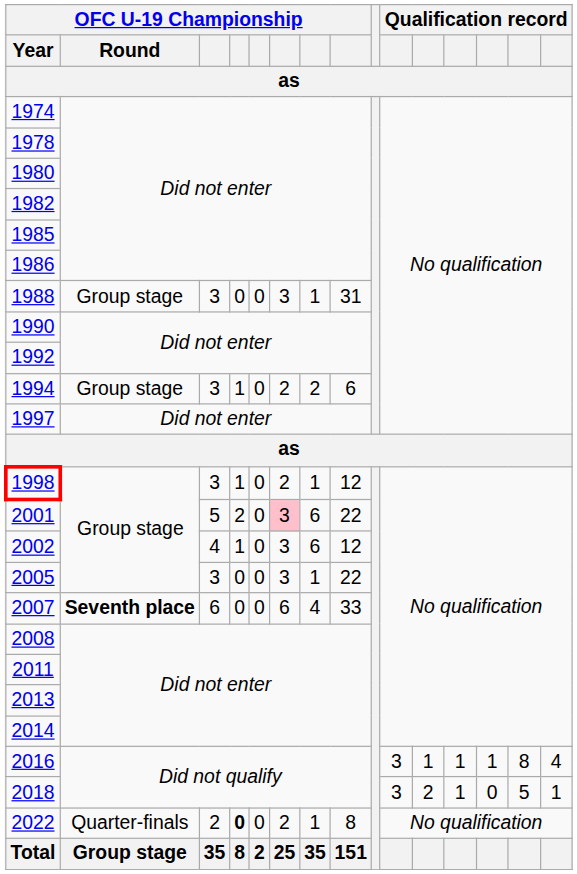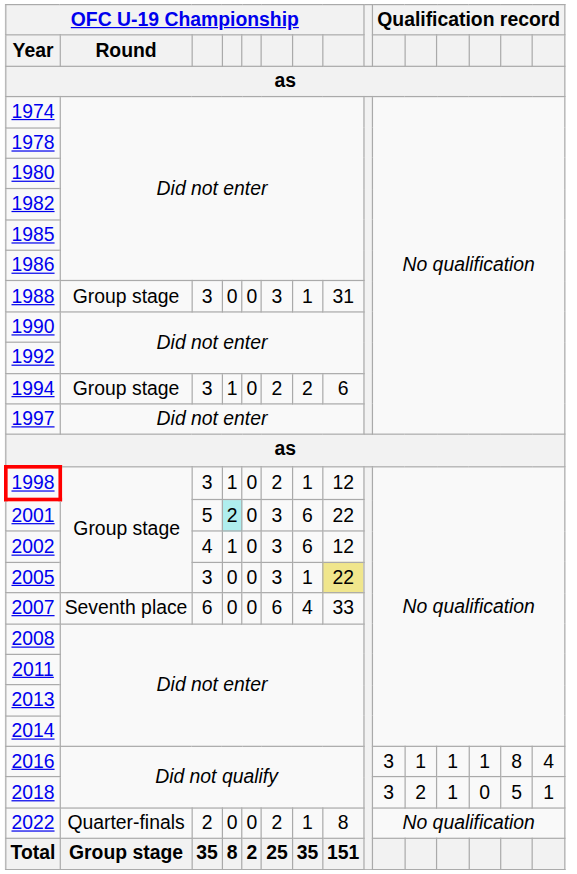 <table class="wikitable" style="text-align:center;">
 <tr>
 <th colspan=8><a href='#'>OFC U-19 Championship</a></th>
 <th rowspan=2></th>
 <th colspan=6>Qualification record</th>
 </tr>
 <tr>
 <th>Year</th>
 <th>Round</th>
 <th></th>
 <th></th>
 <th></th>
 <th></th>
 <th></th>
 <th></th>
 <th></th>
 <th></th>
 <th></th>
 <th></th>
 <th></th>
 <th></th>
 </tr>
 <tr>
 <th colspan=16>as </th>
 </tr>
 <tr>
 <td> <a href='#'>1974</a></td>
 <td colspan=7 rowspan=6><em>Did not enter</em></td>
 <th rowspan=11></th>
 <td colspan=6 rowspan=11><em>No qualification</em></td>
 </tr>
 <tr>
 <td> <a href='#'>1978</a></td>
 </tr>
 <tr>
 <td> <a href='#'>1980</a></td>
 </tr>
 <tr>
 <td> <a href='#'>1982</a></td>
 </tr>
 <tr>
 <td> <a href='#'>1985</a></td>
 </tr>
 <tr>
 <td> <a href='#'>1986</a></td>
 </tr>
 <tr>
 <td> <a href='#'>1988</a></td>
 <td>Group stage</td>
 <td>3</td>
 <td>0</td>
 <td>0</td>
 <td>3</td>
 <td>1</td>
 <td>31</td>
 </tr>
 <tr bgcolor=>
 <td> <a href='#'>1990</a></td>
 <td colspan=7 rowspan=2><em>Did not enter</em></td>
 </tr>
 <tr bgcolor=>
 <td> <a href='#'>1992</a></td>
 </tr>
 <tr bgcolor=>
 <td> <a href='#'>1994</a></td>
 <td>Group stage</td>
 <td>3</td>
 <td>1</td>
 <td>0</td>
 <td>2</td>
 <td>2</td>
 <td>6</td>
 </tr>
 <tr>
 <td> <a href='#'>1997</a></td>
 <td colspan=7><em>Did not enter</em></td>
 </tr>
 <tr>
 <th colspan=16>as </th>
 </tr>
 <tr>
 <td style="border: 3px solid red"> <a href='#'>1998</a></td>
 <td rowspan=4>Group stage</td>
 <td>3</td>
 <td>1</td>
 <td>0</td>
 <td>2</td>
 <td>1</td>
 <td>12</td>
 <th rowspan=20></th>
 <td colspan=6 rowspan=9><em>No qualification</em></td>
 </tr>
 <tr>
 <td>  <a href='#'>2001</a></td>
 <td>5</td>
-<td>2</td>
+<td style="background: paleturquoise;">2</td>
 <td>0</td>
-<td style="background: pink;">3</td>
+<td>3</td>
 <td>6</td>
 <td>22</td>
 </tr>
 <tr>
 <td>  <a href='#'>2002</a></td>
 <td>4</td>
 <td>1</td>
 <td>0</td>
 <td>3</td>
 <td>6</td>
 <td>12</td>
 </tr>
 <tr>
 <td> <a href='#'>2005</a></td>
 <td>3</td>
 <td>0</td>
 <td>0</td>
 <td>3</td>
 <td>1</td>
-<td>22</td>
+<td style="background: khaki;">22</td>
 </tr>
 <tr>
 <td> <a href='#'>2007</a></td>
-<td><strong>Seventh place</strong></td>
+<td>Seventh place</td>
 <td>6</td>
 <td>0</td>
 <td>0</td>
 <td>6</td>
 <td>4</td>
 <td>33</td>
 </tr>
 <tr>
 <td> <a href='#'>2008</a></td>
 <td colspan=7 rowspan=4><em>Did not enter</em></td>
 </tr>
 <tr>
 <td> <a href='#'>2011</a></td>
 </tr>
 <tr>
 <td> <a href='#'>2013</a></td>
 </tr>
 <tr>
 <td> <a href='#'>2014</a></td>
 </tr>
 <tr>
 <td>  <a href='#'>2016</a></td>
 <td colspan=8 rowspan=2><em>Did not qualify</em></td>
 <td>3</td>
 <td>1</td>
 <td>1</td>
 <td>1</td>
 <td>8</td>
 <td>4</td>
 </tr>
 <tr>
 <td>  <a href='#'>2018</a></td>
 <td>3</td>
 <td>2</td>
 <td>1</td>
 <td>0</td>
 <td>5</td>
 <td>1</td>
 </tr>
 <tr>
 <td> <a href='#'>2022</a></td>
 <td>Quarter-finals</td>
 <td>2</td>
-<td><strong>0</strong></td>
+<td>0</td>
 <td>0</td>
 <td>2</td>
 <td>1</td>
 <td>8</td>
 <td colspan=6><em>No qualification</em></td>
 </tr>
 <tr>
 <th><strong>Total</strong></th>
 <th><strong>Group stage</strong></th>
 <th><strong>35</strong></th>
 <th><strong>8</strong></th>
 <th><strong>2</strong></th>
 <th><strong>25</strong></th>
 <th><strong>35</strong></th>
 <th><strong>151</strong></th>
 <th></th>
 <th></th>
 <th></th>
 <th></th>
 <th></th>
 <th></th>
 </tr>
 <tr>
 </tr>
 </table>
